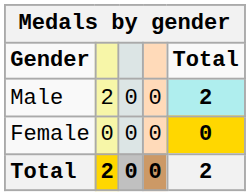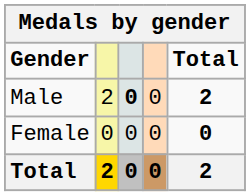 <table class="wikitable" style="text-align:center;font-size:90%">
 <tr style="background:#efefef;">
 <th colspan=7>Medals by gender</th>
 </tr>
 <tr>
 <td><strong>Gender</strong></td>
 <td bgcolor=#f7f6a8></td>
 <td bgcolor=#dce5e5></td>
 <td bgcolor=#ffdab9></td>
 <td><strong>Total</strong></td>
 </tr>
 <tr>
 <td style="text-align:left;">Male</td>
 <td style="background:#F7F6A8;">2</td>
-<td style="background:#DCE5E5;">0</td>
+<td style="background:#DCE5E5;"><strong>0</strong></td>
 <td style="background:#FFDAB9;">0</td>
-<td style="background: paleturquoise;"><strong>2</strong></td>
+<td><strong>2</strong></td>
 </tr>
 <tr>
 <td style="text-align:left;">Female</td>
 <td style="background:#F7F6A8;">0</td>
 <td style="background:#DCE5E5;">0</td>
 <td style="background:#FFDAB9;">0</td>
-<td style="background: gold;"><strong>0</strong></td>
+<td><strong>0</strong></td>
 </tr>
 <tr>
 <th style="text-align:left;">Total</th>
 <th style="background:gold;">2</th>
 <th style="background:silver;">0</th>
 <th style="background:#c96;">0</th>
 <th>2</th>
 </tr>
 </table>
